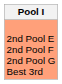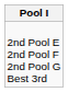 <table class="wikitable">
 <tr>
 <th>Pool I</th>
 </tr>
 <tr>
-<td style="background: lightsalmon;"><br>2nd Pool E<br> 2nd Pool F<br> 2nd Pool G<br> Best 3rd</td>
+<td><br>2nd Pool E<br> 2nd Pool F<br> 2nd Pool G<br> Best 3rd</td>
 </tr>
 </table>
